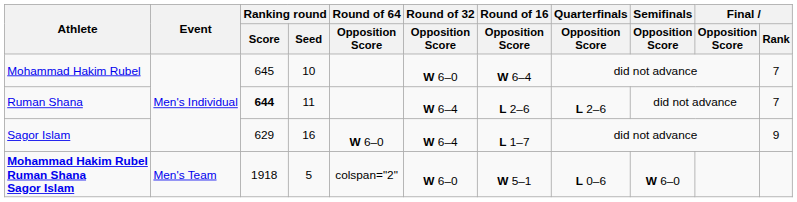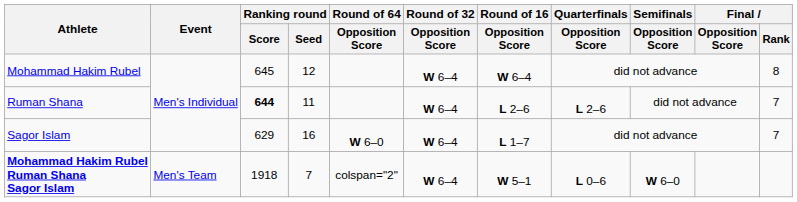 <table class=wikitable style=font-size:88%;text-align:center>
 <tr>
 <th rowspan=2>Athlete</th>
 <th rowspan=2>Event</th>
 <th colspan=2>Ranking round</th>
 <th>Round of 64</th>
 <th>Round of 32</th>
 <th>Round of 16</th>
 <th>Quarterfinals</th>
 <th>Semifinals</th>
 <th colspan=2>Final / </th>
 </tr>
 <tr style=font-size:95%>
 <th>Score</th>
 <th>Seed</th>
 <th>Opposition<br>Score</th>
 <th>Opposition<br>Score</th>
 <th>Opposition<br>Score</th>
 <th>Opposition<br>Score</th>
 <th>Opposition<br>Score</th>
 <th>Opposition<br>Score</th>
 <th>Rank</th>
 </tr>
 <tr>
 <td align=left><a href='#'>Mohammad Hakim Rubel</a></td>
 <td align=left rowspan=3><a href='#'>Men's Individual</a></td>
 <td>645</td>
-<td>10</td>
+<td>12</td>
 <td></td>
-<td><br><strong>W</strong> 6–0</td>
+<td><br><strong>W</strong> 6–4</td>
 <td><br><strong>W</strong> 6–4</td>
 <td colspan="3">did not advance</td>
-<td>7</td>
+<td>8</td>
 </tr>
 <tr>
 <td align=left><a href='#'>Ruman Shana</a></td>
 <td><strong>644</strong></td>
 <td>11</td>
 <td></td>
 <td><br><strong>W</strong> 6–4</td>
 <td><br><strong>L</strong> 2–6</td>
 <td><br><strong>L</strong> 2–6</td>
 <td colspan="2">did not advance</td>
 <td>7</td>
 </tr>
 <tr>
 <td align=left><a href='#'>Sagor Islam</a></td>
 <td>629</td>
 <td>16</td>
 <td><br><strong>W</strong> 6–0</td>
 <td><br><strong>W</strong> 6–4</td>
 <td><br><strong>L</strong> 1–7</td>
 <td colspan="3">did not advance</td>
-<td>9</td>
+<td>7</td>
 </tr>
 <tr>
 <td align=left><strong><a href='#'>Mohammad Hakim Rubel</a><br><a href='#'>Ruman Shana</a><br><a href='#'>Sagor Islam</a></strong></td>
 <td align=left><a href='#'>Men's Team</a></td>
 <td>1918</td>
-<td>5</td>
+<td>7</td>
 <td>colspan="2" </td>
-<td><br><strong>W</strong> 6–0</td>
+<td><br><strong>W</strong> 6–4</td>
 <td><br><strong>W</strong> 5–1</td>
 <td><br><strong>L</strong> 0–6</td>
 <td><br><strong>W</strong> 6–0</td>
 <td></td>
 </tr>
 </table>
